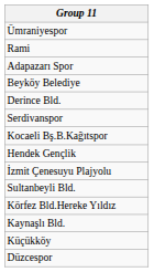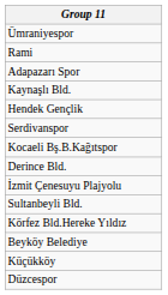 <table class="wikitable collapsible collapsed" style="font-size:95%;">
 <tr>
 <th colspan="1" width="200"><em>Group 11</em></th>
 </tr>
 <tr>
 <td>Ümraniyespor</td>
 </tr>
 <tr>
 <td>Rami</td>
 </tr>
 <tr>
 <td>Adapazarı Spor</td>
 </tr>
 <tr>
-<td>Beyköy Belediye</td>
+<td>Kaynaşlı Bld.</td>
 </tr>
 <tr>
-<td>Derince Bld.</td>
+<td>Hendek Gençlik</td>
 </tr>
 <tr>
 <td>Serdivanspor</td>
 </tr>
 <tr>
 <td>Kocaeli Bş.B.Kağıtspor</td>
 </tr>
 <tr>
-<td>Hendek Gençlik</td>
+<td>Derince Bld.</td>
 </tr>
 <tr>
 <td>İzmit Çenesuyu Plajyolu</td>
 </tr>
 <tr>
 <td>Sultanbeyli Bld.</td>
 </tr>
 <tr>
 <td>Körfez Bld.Hereke Yıldız</td>
 </tr>
 <tr>
-<td>Kaynaşlı Bld.</td>
+<td>Beyköy Belediye</td>
 </tr>
 <tr>
 <td>Küçükköy</td>
 </tr>
 <tr>
 <td>Düzcespor</td>
 </tr>
 </table>
